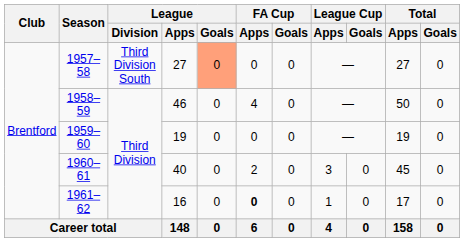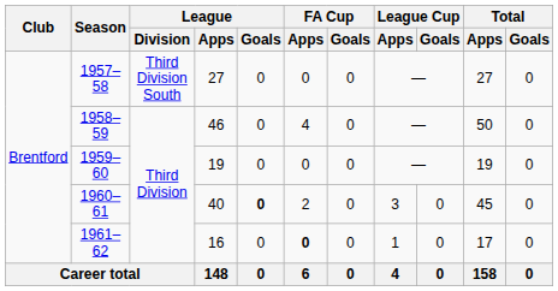 <table class="wikitable" style="text-align: center;">
 <tr>
 <th rowspan="2">Club</th>
 <th rowspan="2">Season</th>
 <th colspan="3">League</th>
 <th colspan="2">FA Cup</th>
 <th colspan="2">League Cup</th>
 <th colspan="2">Total</th>
 </tr>
 <tr>
 <th>Division</th>
 <th>Apps</th>
 <th>Goals</th>
 <th>Apps</th>
 <th>Goals</th>
 <th>Apps</th>
 <th>Goals</th>
 <th>Apps</th>
 <th>Goals</th>
 </tr>
 <tr>
 <td rowspan="5"><a href='#'>Brentford</a></td>
 <td><a href='#'>1957–58</a></td>
 <td><a href='#'>Third Division South</a></td>
 <td>27</td>
-<td style="background: lightsalmon;">0</td>
+<td>0</td>
 <td>0</td>
 <td>0</td>
 <td colspan="2">—</td>
 <td>27</td>
 <td>0</td>
 </tr>
 <tr>
 <td><a href='#'>1958–59</a></td>
 <td rowspan="4"><a href='#'>Third Division</a></td>
 <td>46</td>
 <td>0</td>
 <td>4</td>
 <td>0</td>
 <td colspan="2">—</td>
 <td>50</td>
 <td>0</td>
 </tr>
 <tr>
 <td><a href='#'>1959–60</a></td>
 <td>19</td>
 <td>0</td>
 <td>0</td>
 <td>0</td>
 <td colspan="2">—</td>
 <td>19</td>
 <td>0</td>
 </tr>
 <tr>
 <td><a href='#'>1960–61</a></td>
 <td>40</td>
-<td>0</td>
+<td><strong>0</strong></td>
 <td>2</td>
 <td>0</td>
 <td>3</td>
 <td>0</td>
 <td>45</td>
 <td>0</td>
 </tr>
 <tr>
 <td><a href='#'>1961–62</a></td>
 <td>16</td>
 <td>0</td>
 <td><strong>0</strong></td>
 <td>0</td>
 <td>1</td>
 <td>0</td>
 <td>17</td>
 <td>0</td>
 </tr>
 <tr>
 <th colspan="3">Career total</th>
 <th>148</th>
 <th>0</th>
 <th>6</th>
 <th>0</th>
 <th>4</th>
 <th>0</th>
 <th>158</th>
 <th>0</th>
 </tr>
 </table>
